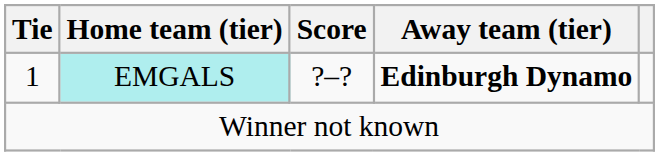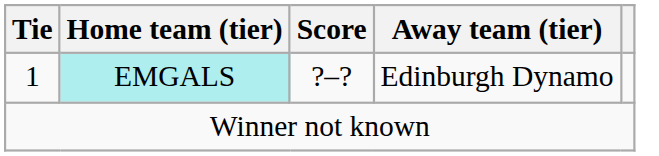 <table class="wikitable" style="text-align:center; font-size:85%">
 <tr>
 <th>Tie</th>
 <th>Home team (tier)</th>
 <th>Score</th>
 <th>Away team (tier)</th>
 <th></th>
 </tr>
 <tr>
 <td align="center">1</td>
 <td style="background: paleturquoise;">EMGALS</td>
 <td align="center">?–?</td>
-<td><strong>Edinburgh Dynamo</strong></td>
+<td>Edinburgh Dynamo</td>
 <td></td>
 </tr>
 <tr>
 <td colspan="5" align="center">Winner not known</td>
 </tr>
 </table>
